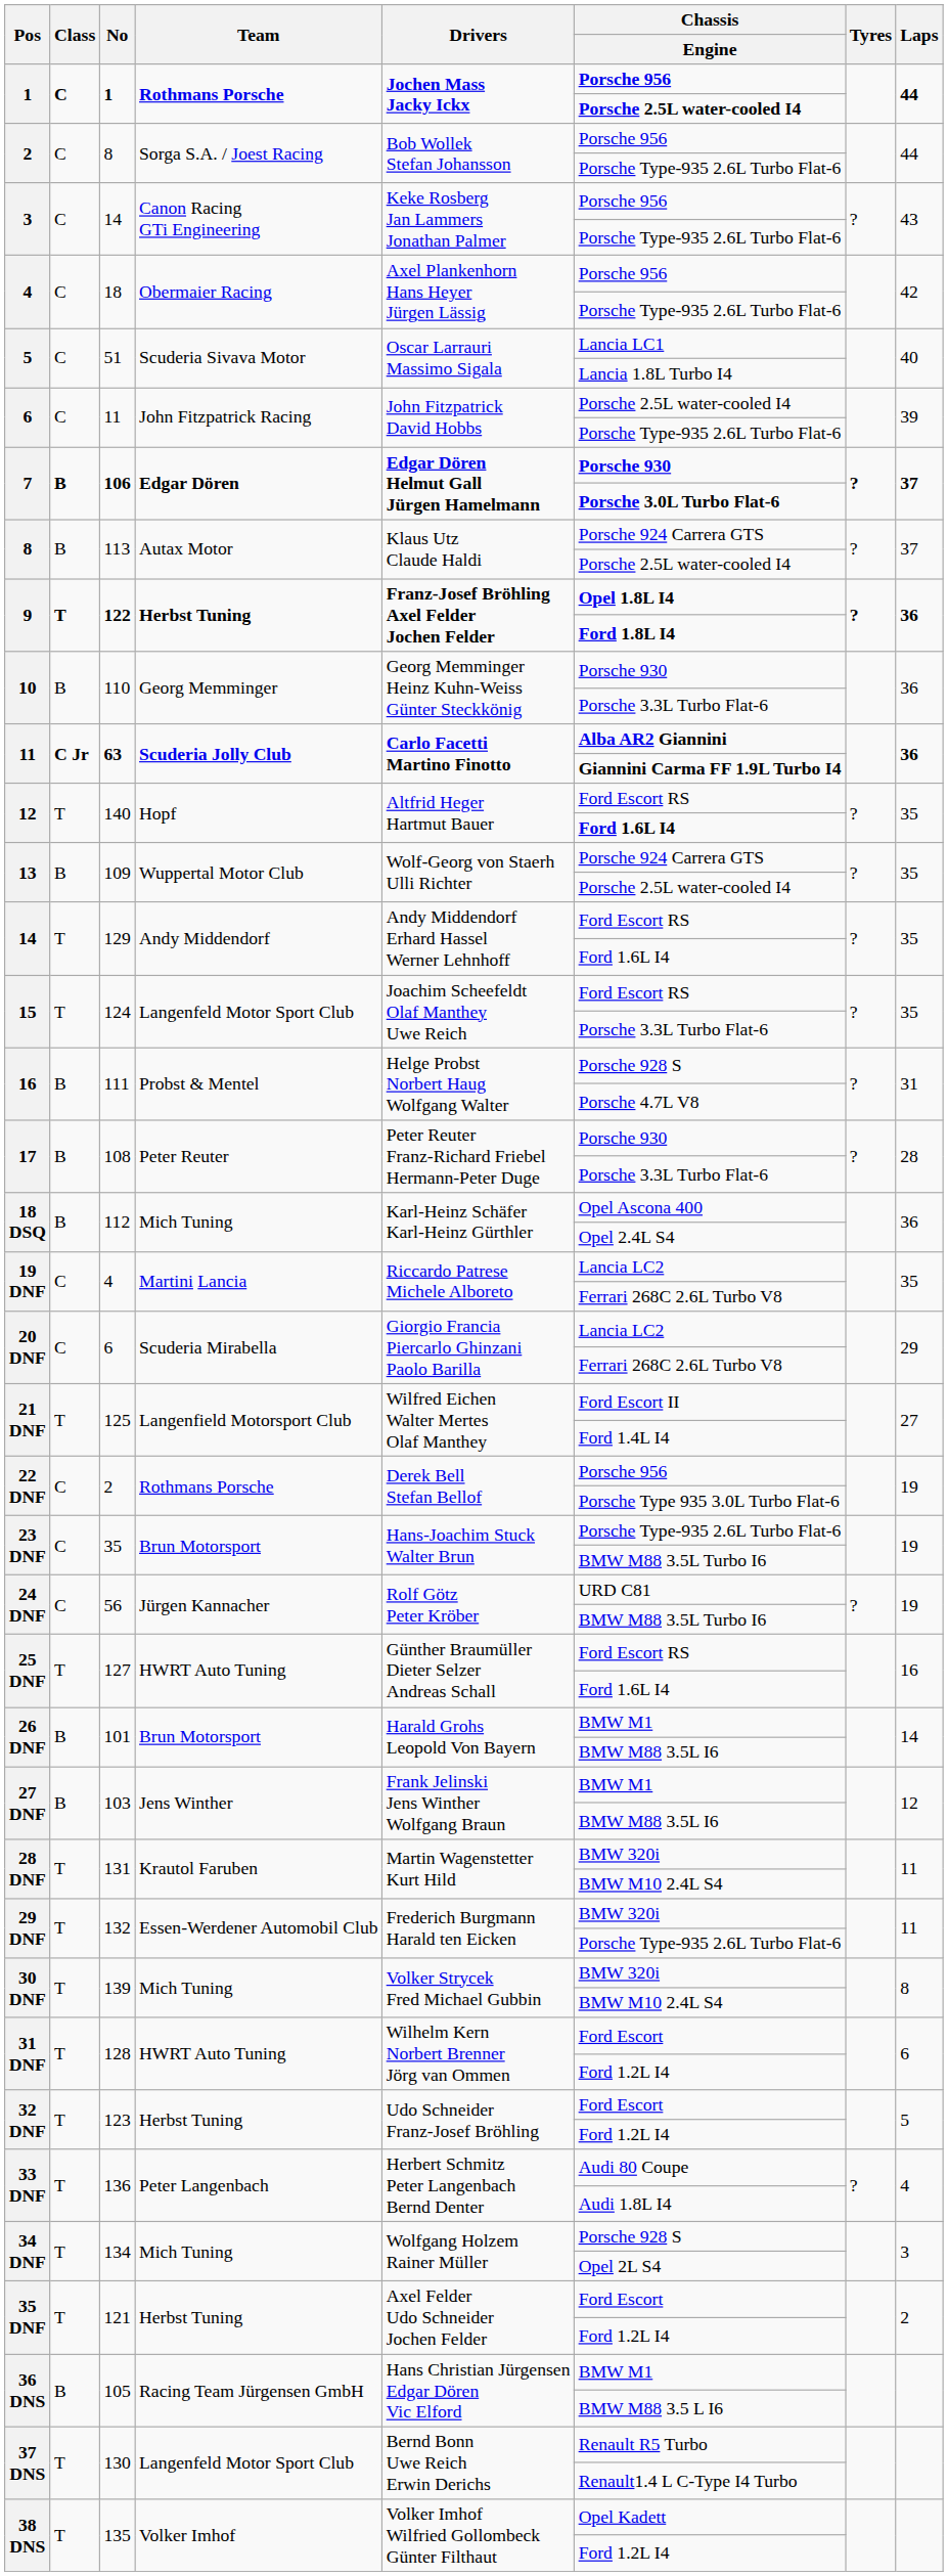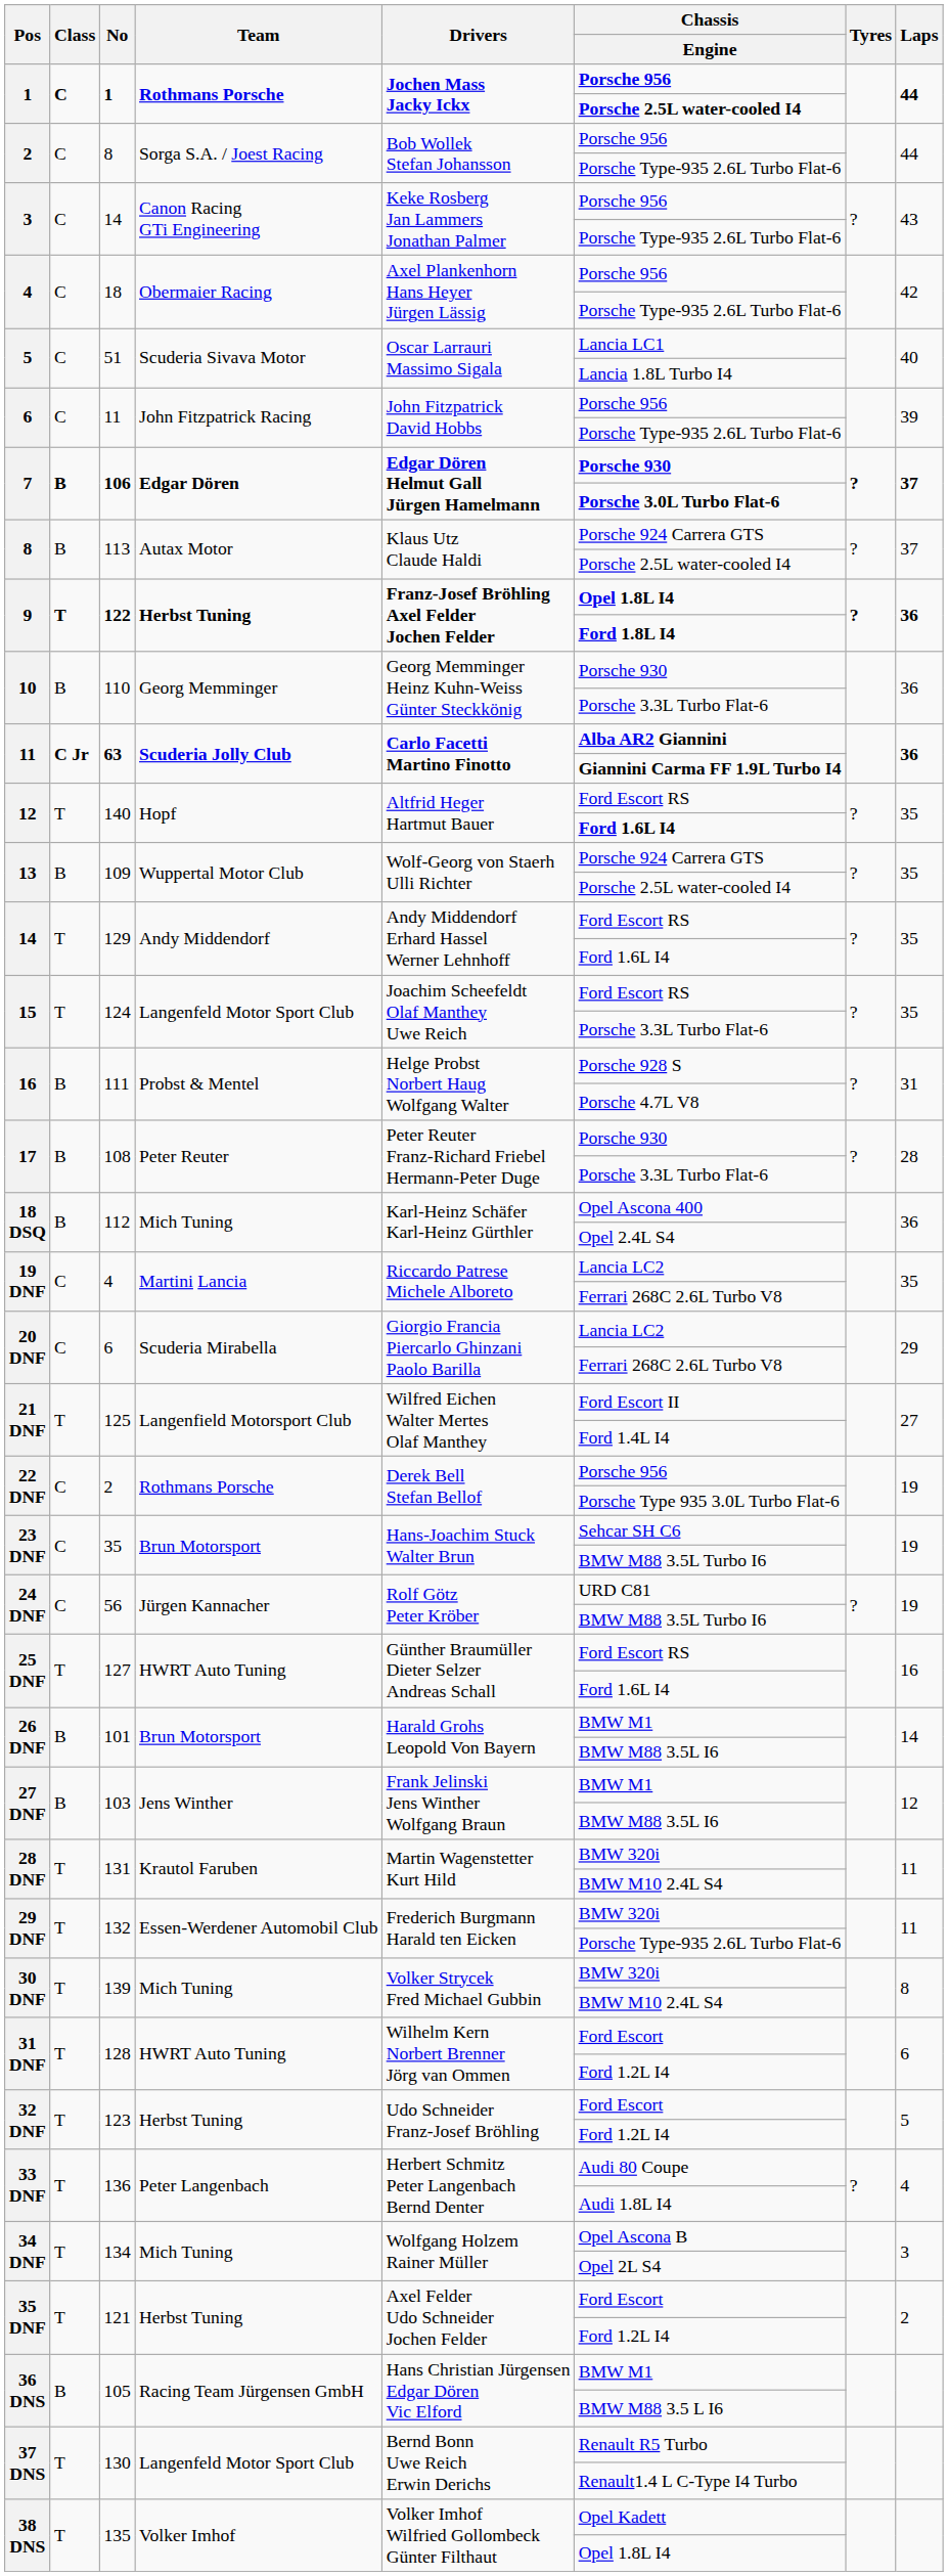 <table class="wikitable" style="font-size: 95%;">
 <tr>
 <th rowspan=2>Pos</th>
 <th rowspan=2>Class</th>
 <th rowspan=2>No</th>
 <th rowspan=2>Team</th>
 <th rowspan=2>Drivers</th>
 <th>Chassis</th>
 <th rowspan=2>Tyres</th>
 <th rowspan=2>Laps</th>
 </tr>
 <tr>
 <th>Engine</th>
 </tr>
 <tr style="font-weight:bold">
 <th rowspan=2>1</th>
 <td rowspan=2>C</td>
 <td rowspan=2>1</td>
 <td rowspan=2> <a href='#'>Rothmans Porsche</a></td>
 <td rowspan=2> <a href='#'>Jochen Mass</a><br> <a href='#'>Jacky Ickx</a></td>
 <td><a href='#'>Porsche 956</a></td>
 <td rowspan=2></td>
 <td rowspan=2>44</td>
 </tr>
 <tr style="font-weight:bold">
 <td><a href='#'>Porsche</a> 2.5L water-cooled I4</td>
 </tr>
 <tr>
 <th rowspan=2>2</th>
 <td rowspan=2>C</td>
 <td rowspan=2>8</td>
 <td rowspan=2> Sorga S.A. / <a href='#'>Joest Racing</a></td>
 <td rowspan=2> <a href='#'>Bob Wollek</a><br> <a href='#'>Stefan Johansson</a></td>
 <td><a href='#'>Porsche 956</a></td>
 <td rowspan=2></td>
 <td rowspan=2>44</td>
 </tr>
 <tr>
 <td><a href='#'>Porsche</a> Type-935 2.6L Turbo Flat-6</td>
 </tr>
 <tr>
 <th rowspan=2>3</th>
 <td rowspan=2>C</td>
 <td rowspan=2>14</td>
 <td rowspan=2> <a href='#'>Canon</a> Racing<br> <a href='#'>GTi Engineering</a></td>
 <td rowspan=2> <a href='#'>Keke Rosberg</a><br> <a href='#'>Jan Lammers</a><br>  <a href='#'>Jonathan Palmer</a></td>
 <td><a href='#'>Porsche 956</a></td>
 <td rowspan=2>?</td>
 <td rowspan=2>43</td>
 </tr>
 <tr>
 <td><a href='#'>Porsche</a> Type-935 2.6L Turbo Flat-6</td>
 </tr>
 <tr>
 <th rowspan=2>4</th>
 <td rowspan=2>C</td>
 <td rowspan=2>18</td>
 <td rowspan=2> <a href='#'>Obermaier Racing</a></td>
 <td rowspan=2> <a href='#'>Axel Plankenhorn</a><br> <a href='#'>Hans Heyer</a><br> <a href='#'>Jürgen Lässig</a></td>
 <td><a href='#'>Porsche 956</a></td>
 <td rowspan=2></td>
 <td rowspan=2>42</td>
 </tr>
 <tr>
 <td><a href='#'>Porsche</a> Type-935 2.6L Turbo Flat-6</td>
 </tr>
 <tr>
 <th rowspan=2>5</th>
 <td rowspan=2>C</td>
 <td rowspan=2>51</td>
 <td rowspan=2> Scuderia Sivava Motor</td>
 <td rowspan=2> <a href='#'>Oscar Larrauri</a><br> <a href='#'>Massimo Sigala</a></td>
 <td><a href='#'>Lancia LC1</a></td>
 <td rowspan=2></td>
 <td rowspan=2>40</td>
 </tr>
 <tr>
 <td><a href='#'>Lancia</a> 1.8L Turbo I4</td>
 </tr>
 <tr>
 <th rowspan=2>6</th>
 <td rowspan=2>C</td>
 <td rowspan=2>11</td>
 <td rowspan=2> John Fitzpatrick Racing</td>
 <td rowspan=2> <a href='#'>John Fitzpatrick</a><br> <a href='#'>David Hobbs</a></td>
-<td><a href='#'>Porsche</a> 2.5L water-cooled I4</td>
+<td><a href='#'>Porsche 956</a></td>
 <td rowspan=2></td>
 <td rowspan=2>39</td>
 </tr>
 <tr>
 <td><a href='#'>Porsche</a> Type-935 2.6L Turbo Flat-6</td>
 </tr>
 <tr style="font-weight:bold">
 <th rowspan=2>7</th>
 <td rowspan=2>B</td>
 <td rowspan=2>106</td>
 <td rowspan=2> Edgar Dören</td>
 <td rowspan=2> <a href='#'>Edgar Dören</a><br> Helmut Gall<br>  Jürgen Hamelmann</td>
 <td><a href='#'>Porsche 930</a></td>
 <td rowspan=2>?</td>
 <td rowspan=2>37</td>
 </tr>
 <tr style="font-weight:bold">
 <td><a href='#'>Porsche</a> 3.0L Turbo Flat-6</td>
 </tr>
 <tr>
 <th rowspan=2>8</th>
 <td rowspan=2>B</td>
 <td rowspan=2>113</td>
 <td rowspan=2> Autax Motor</td>
 <td rowspan=2> Klaus Utz<br> Claude Haldi</td>
 <td><a href='#'>Porsche 924</a> Carrera GTS</td>
 <td rowspan=2>?</td>
 <td rowspan=2>37</td>
 </tr>
 <tr>
 <td><a href='#'>Porsche</a> 2.5L water-cooled I4</td>
 </tr>
 <tr style="font-weight:bold">
 <th rowspan=2>9</th>
 <td rowspan=2>T</td>
 <td rowspan=2>122</td>
 <td rowspan=2> Herbst Tuning</td>
 <td rowspan=2> Franz-Josef Bröhling<br> Axel Felder<br> Jochen Felder</td>
 <td><a href='#'>Opel</a> 1.8L I4</td>
 <td rowspan=2>?</td>
 <td rowspan=2>36</td>
 </tr>
 <tr style="font-weight:bold">
 <td><a href='#'>Ford</a> 1.8L I4</td>
 </tr>
 <tr>
 <th rowspan=2>10</th>
 <td rowspan=2>B</td>
 <td rowspan=2>110</td>
 <td rowspan=2> Georg Memminger</td>
 <td rowspan=2> Georg Memminger<br> Heinz Kuhn-Weiss<br> <a href='#'>Günter Steckkönig</a></td>
 <td><a href='#'>Porsche 930</a></td>
 <td rowspan=2></td>
 <td rowspan=2>36</td>
 </tr>
 <tr>
 <td><a href='#'>Porsche</a> 3.3L Turbo Flat-6</td>
 </tr>
 <tr style="font-weight:bold">
 <th rowspan=2>11</th>
 <td rowspan=2>C Jr</td>
 <td rowspan=2>63</td>
 <td rowspan=2> <a href='#'>Scuderia Jolly Club</a></td>
 <td rowspan=2> <a href='#'>Carlo Facetti</a><br> Martino Finotto</td>
 <td><a href='#'>Alba AR2</a> Giannini</td>
 <td rowspan=2></td>
 <td rowspan=2>36</td>
 </tr>
 <tr style="font-weight:bold">
 <td>Giannini Carma FF 1.9L Turbo I4</td>
 </tr>
 <tr>
 <th rowspan=2>12</th>
 <td rowspan=2>T</td>
 <td rowspan=2>140</td>
 <td rowspan=2> Hopf</td>
 <td rowspan=2> <a href='#'>Altfrid Heger</a><br> Hartmut Bauer</td>
 <td><a href='#'>Ford Escort</a> RS</td>
 <td rowspan=2>?</td>
 <td rowspan=2>35</td>
 </tr>
 <tr style="font-weight:bold">
 <td><a href='#'>Ford</a> 1.6L I4</td>
 </tr>
 <tr>
 <th rowspan=2>13</th>
 <td rowspan=2>B</td>
 <td rowspan=2>109</td>
 <td rowspan=2> Wuppertal Motor Club</td>
 <td rowspan=2> Wolf-Georg von Staerh<br> Ulli Richter</td>
 <td><a href='#'>Porsche 924</a> Carrera GTS</td>
 <td rowspan=2>?</td>
 <td rowspan=2>35</td>
 </tr>
 <tr>
 <td><a href='#'>Porsche</a> 2.5L water-cooled I4</td>
 </tr>
 <tr>
 <th rowspan=2>14</th>
 <td rowspan=2>T</td>
 <td rowspan=2>129</td>
 <td rowspan=2> Andy Middendorf</td>
 <td rowspan=2> Andy Middendorf<br> Erhard Hassel<br>  Werner Lehnhoff</td>
 <td><a href='#'>Ford Escort</a> RS</td>
 <td rowspan=2>?</td>
 <td rowspan=2>35</td>
 </tr>
 <tr>
 <td><a href='#'>Ford</a> 1.6L I4</td>
 </tr>
 <tr>
 <th rowspan=2>15</th>
 <td rowspan=2>T</td>
 <td rowspan=2>124</td>
 <td rowspan=2> Langenfeld Motor Sport Club</td>
 <td rowspan=2> Joachim Scheefeldt<br> <a href='#'>Olaf Manthey</a><br> Uwe Reich</td>
 <td><a href='#'>Ford Escort</a> RS</td>
 <td rowspan=2>?</td>
 <td rowspan=2>35</td>
 </tr>
 <tr>
 <td><a href='#'>Porsche</a> 3.3L Turbo Flat-6</td>
 </tr>
 <tr>
 <th rowspan=2>16</th>
 <td rowspan=2>B</td>
 <td rowspan=2>111</td>
 <td rowspan=2> Probst & Mentel</td>
 <td rowspan=2> Helge Probst<br> <a href='#'>Norbert Haug</a> <br>  Wolfgang Walter</td>
 <td><a href='#'>Porsche 928</a> S</td>
 <td rowspan=2>?</td>
 <td rowspan=2>31</td>
 </tr>
 <tr>
 <td><a href='#'>Porsche</a> 4.7L V8</td>
 </tr>
 <tr>
 <th rowspan=2>17</th>
 <td rowspan=2>B</td>
 <td rowspan=2>108</td>
 <td rowspan=2> Peter Reuter</td>
 <td rowspan=2> Peter Reuter<br> Franz-Richard Friebel <br>  Hermann-Peter Duge</td>
 <td><a href='#'>Porsche 930</a></td>
 <td rowspan=2>?</td>
 <td rowspan=2>28</td>
 </tr>
 <tr>
 <td><a href='#'>Porsche</a> 3.3L Turbo Flat-6</td>
 </tr>
 <tr>
 <th rowspan=2>18<br>DSQ</th>
 <td rowspan=2>B</td>
 <td rowspan=2>112</td>
 <td rowspan=2> Mich Tuning</td>
 <td rowspan=2> Karl-Heinz Schäfer<br> Karl-Heinz Gürthler</td>
 <td><a href='#'>Opel Ascona 400</a></td>
 <td rowspan=2></td>
 <td rowspan=2>36</td>
 </tr>
 <tr>
 <td><a href='#'>Opel</a> 2.4L S4</td>
 </tr>
 <tr>
 <th rowspan=2>19<br>DNF</th>
 <td rowspan=2>C</td>
 <td rowspan=2>4</td>
 <td rowspan=2> <a href='#'>Martini</a> <a href='#'>Lancia</a></td>
 <td rowspan=2> <a href='#'>Riccardo Patrese</a> <br> <a href='#'>Michele Alboreto</a></td>
 <td><a href='#'>Lancia LC2</a></td>
 <td rowspan=2></td>
 <td rowspan=2>35</td>
 </tr>
 <tr>
 <td><a href='#'>Ferrari</a> 268C 2.6L Turbo V8</td>
 </tr>
 <tr>
 <th rowspan=2>20<br>DNF</th>
 <td rowspan=2>C</td>
 <td rowspan=2>6</td>
 <td rowspan=2> Scuderia Mirabella</td>
 <td rowspan=2> <a href='#'>Giorgio Francia</a><br> <a href='#'>Piercarlo Ghinzani</a><br> <a href='#'>Paolo Barilla</a></td>
 <td><a href='#'>Lancia LC2</a></td>
 <td rowspan=2></td>
 <td rowspan=2>29</td>
 </tr>
 <tr>
 <td><a href='#'>Ferrari</a> 268C 2.6L Turbo V8</td>
 </tr>
 <tr>
 <th rowspan=2>21<br>DNF</th>
 <td rowspan=2>T</td>
 <td rowspan=2>125</td>
 <td rowspan=2> Langenfield Motorsport Club</td>
 <td rowspan=2> Wilfred Eichen <br>  Walter Mertes <br>  Olaf Manthey</td>
 <td><a href='#'>Ford Escort</a> II</td>
 <td rowspan=2></td>
 <td rowspan=2>27</td>
 </tr>
 <tr>
 <td><a href='#'>Ford</a> 1.4L I4</td>
 </tr>
 <tr>
 <th rowspan=2>22<br>DNF</th>
 <td rowspan=2>C</td>
 <td rowspan=2>2</td>
 <td rowspan=2> <a href='#'>Rothmans Porsche</a></td>
 <td rowspan=2> <a href='#'>Derek Bell</a><br> <a href='#'>Stefan Bellof</a></td>
 <td><a href='#'>Porsche 956</a></td>
 <td rowspan=2></td>
 <td rowspan=2>19</td>
 </tr>
 <tr>
 <td><a href='#'>Porsche</a> Type 935 3.0L Turbo Flat-6</td>
 </tr>
 <tr>
 <th rowspan=2>23<br>DNF</th>
 <td rowspan=2>C</td>
 <td rowspan=2>35</td>
 <td rowspan=2> <a href='#'>Brun Motorsport</a></td>
 <td rowspan=2> <a href='#'>Hans-Joachim Stuck</a><br> <a href='#'>Walter Brun</a></td>
-<td><a href='#'>Porsche</a> Type-935 2.6L Turbo Flat-6</td>
+<td><a href='#'>Sehcar SH C6</a></td>
 <td rowspan=2></td>
 <td rowspan=2>19</td>
 </tr>
 <tr>
 <td><a href='#'>BMW M88</a> 3.5L Turbo I6</td>
 </tr>
 <tr>
 <th rowspan=2>24<br>DNF</th>
 <td rowspan=2>C</td>
 <td rowspan=2>56</td>
 <td rowspan=2> Jürgen Kannacher</td>
 <td rowspan=2> <a href='#'>Rolf Götz</a><br> <a href='#'>Peter Kröber</a></td>
 <td>URD C81</td>
 <td rowspan=2>?</td>
 <td rowspan=2>19</td>
 </tr>
 <tr>
 <td><a href='#'>BMW M88</a> 3.5L Turbo I6</td>
 </tr>
 <tr>
 <th rowspan=2>25<br>DNF</th>
 <td rowspan=2>T</td>
 <td rowspan=2>127</td>
 <td rowspan=2> HWRT Auto Tuning</td>
 <td rowspan=2> Günther Braumüller<br> Dieter Selzer <br>  Andreas Schall</td>
 <td><a href='#'>Ford Escort</a> RS</td>
 <td rowspan=2></td>
 <td rowspan=2>16</td>
 </tr>
 <tr>
 <td><a href='#'>Ford</a> 1.6L I4</td>
 </tr>
 <tr>
 <th rowspan=2>26<br>DNF</th>
 <td rowspan=2>B</td>
 <td rowspan=2>101</td>
 <td rowspan=2> <a href='#'>Brun Motorsport</a></td>
 <td rowspan=2> <a href='#'>Harald Grohs</a> <br>  Leopold Von Bayern</td>
 <td><a href='#'>BMW M1</a></td>
 <td rowspan=2></td>
 <td rowspan=2>14</td>
 </tr>
 <tr>
 <td><a href='#'>BMW M88</a> 3.5L I6</td>
 </tr>
 <tr>
 <th rowspan=2>27<br>DNF</th>
 <td rowspan=2>B</td>
 <td rowspan=2>103</td>
 <td rowspan=2> Jens Winther</td>
 <td rowspan=2> <a href='#'>Frank Jelinski</a><br> Jens Winther<br>  Wolfgang Braun</td>
 <td><a href='#'>BMW M1</a></td>
 <td rowspan=2></td>
 <td rowspan=2>12</td>
 </tr>
 <tr>
 <td><a href='#'>BMW M88</a> 3.5L I6</td>
 </tr>
 <tr>
 <th rowspan=2>28<br>DNF</th>
 <td rowspan=2>T</td>
 <td rowspan=2>131</td>
 <td rowspan=2> Krautol Faruben</td>
 <td rowspan=2> Martin Wagenstetter <br>  Kurt Hild</td>
 <td><a href='#'>BMW 320i</a></td>
 <td rowspan=2></td>
 <td rowspan=2>11</td>
 </tr>
 <tr>
 <td><a href='#'>BMW M10</a> 2.4L S4</td>
 </tr>
 <tr>
 <th rowspan=2>29<br>DNF</th>
 <td rowspan=2>T</td>
 <td rowspan=2>132</td>
 <td rowspan=2> Essen-Werdener Automobil Club</td>
 <td rowspan=2> Frederich Burgmann <br>  Harald ten Eicken</td>
 <td><a href='#'>BMW 320i</a></td>
 <td rowspan=2></td>
 <td rowspan=2>11</td>
 </tr>
 <tr>
 <td><a href='#'>Porsche</a> Type-935 2.6L Turbo Flat-6</td>
 </tr>
 <tr>
 <th rowspan=2>30<br>DNF</th>
 <td rowspan=2>T</td>
 <td rowspan=2>139</td>
 <td rowspan=2> Mich Tuning</td>
 <td rowspan=2> <a href='#'>Volker Strycek</a> <br>  Fred Michael Gubbin</td>
 <td><a href='#'>BMW 320i</a></td>
 <td rowspan=2></td>
 <td rowspan=2>8</td>
 </tr>
 <tr>
 <td><a href='#'>BMW M10</a> 2.4L S4</td>
 </tr>
 <tr>
 <th rowspan=2>31<br>DNF</th>
 <td rowspan=2>T</td>
 <td rowspan=2>128</td>
 <td rowspan=2> HWRT Auto Tuning</td>
 <td rowspan=2> Wilhelm Kern <br>  <a href='#'>Norbert Brenner</a> <br>  Jörg van Ommen</td>
 <td><a href='#'>Ford Escort</a></td>
 <td rowspan=2></td>
 <td rowspan=2>6</td>
 </tr>
 <tr>
 <td><a href='#'>Ford</a> 1.2L I4</td>
 </tr>
 <tr>
 <th rowspan=2>32<br>DNF</th>
 <td rowspan=2>T</td>
 <td rowspan=2>123</td>
 <td rowspan=2> Herbst Tuning</td>
 <td rowspan=2> Udo Schneider <br>  Franz-Josef Bröhling</td>
 <td><a href='#'>Ford Escort</a></td>
 <td rowspan=2></td>
 <td rowspan=2>5</td>
 </tr>
 <tr>
 <td><a href='#'>Ford</a> 1.2L I4</td>
 </tr>
 <tr>
 <th rowspan=2>33<br>DNF</th>
 <td rowspan=2>T</td>
 <td rowspan=2>136</td>
 <td rowspan=2> Peter Langenbach</td>
 <td rowspan=2> Herbert Schmitz <br> Peter Langenbach <br> Bernd Denter</td>
 <td><a href='#'>Audi 80</a> Coupe</td>
 <td rowspan=2>?</td>
 <td rowspan=2>4</td>
 </tr>
 <tr>
 <td><a href='#'>Audi</a> 1.8L I4</td>
 </tr>
 <tr>
 <th rowspan=2>34<br>DNF</th>
 <td rowspan=2>T</td>
 <td rowspan=2>134</td>
 <td rowspan=2> Mich Tuning</td>
 <td rowspan=2> Wolfgang Holzem <br>  Rainer Müller</td>
-<td><a href='#'>Porsche 928</a> S</td>
+<td><a href='#'>Opel Ascona</a> B</td>
 <td rowspan=2></td>
 <td rowspan=2>3</td>
 </tr>
 <tr>
 <td><a href='#'>Opel</a> 2L S4</td>
 </tr>
 <tr>
 <th rowspan=2>35<br>DNF</th>
 <td rowspan=2>T</td>
 <td rowspan=2>121</td>
 <td rowspan=2> Herbst Tuning</td>
 <td rowspan=2> Axel Felder<br> Udo Schneider<br> Jochen Felder</td>
 <td><a href='#'>Ford Escort</a></td>
 <td rowspan=2></td>
 <td rowspan=2>2</td>
 </tr>
 <tr>
 <td><a href='#'>Ford</a> 1.2L I4</td>
 </tr>
 <tr>
 <th rowspan=2>36<br>DNS</th>
 <td rowspan=2>B</td>
 <td rowspan=2>105</td>
 <td rowspan=2> Racing Team Jürgensen GmbH</td>
 <td rowspan=2> Hans Christian Jürgensen<br> <a href='#'>Edgar Dören</a><br> <a href='#'>Vic Elford</a></td>
 <td><a href='#'>BMW M1</a></td>
 <td rowspan=2></td>
 <td rowspan=2></td>
 </tr>
 <tr>
 <td><a href='#'>BMW M88</a> 3.5 L I6</td>
 </tr>
 <tr>
 <th rowspan=2>37<br>DNS</th>
 <td rowspan=2>T</td>
 <td rowspan=2>130</td>
 <td rowspan=2> Langenfeld Motor Sport Club</td>
 <td rowspan=2> Bernd Bonn <br>  Uwe Reich <br>  Erwin Derichs</td>
 <td><a href='#'>Renault R5</a> Turbo</td>
 <td rowspan=2></td>
 <td rowspan=2></td>
 </tr>
 <tr>
 <td><a href='#'>Renault</a>1.4 L C-Type I4 Turbo</td>
 </tr>
 <tr>
 <th rowspan=2>38<br>DNS</th>
 <td rowspan=2>T</td>
 <td rowspan=2>135</td>
 <td rowspan=2> Volker Imhof</td>
 <td rowspan=2> Volker Imhof<br> Wilfried Gollombeck <br>  Günter Filthaut</td>
 <td><a href='#'>Opel Kadett</a></td>
 <td rowspan=2></td>
 <td rowspan=2></td>
 </tr>
 <tr>
-<td><a href='#'>Ford</a> 1.2L I4</td>
+<td><a href='#'>Opel</a> 1.8L I4</td>
 </tr>
 </table>
